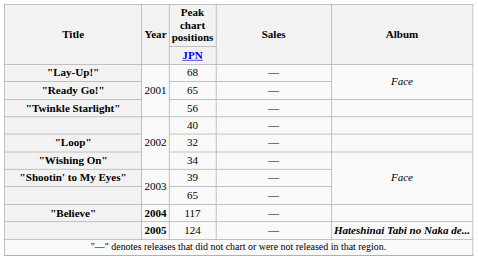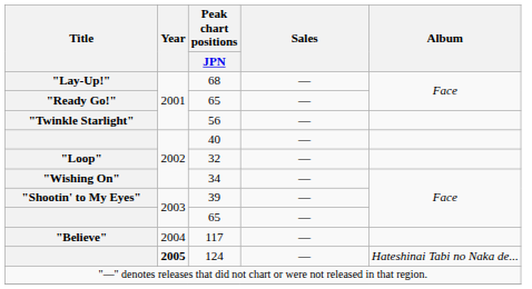 <table class="wikitable plainrowheaders" style="text-align:center;">
 <tr>
 <th rowspan="2" style="width:12em;">Title</th>
 <th rowspan="2">Year</th>
 <th colspan="1">Peak chart positions</th>
 <th rowspan="2" style="width:10em;">Sales</th>
 <th rowspan="2">Album</th>
 </tr>
 <tr>
 <th width="30"><a href='#'>JPN</a></th>
 </tr>
 <tr>
 <th scope="row">"Lay-Up!"</th>
 <td rowspan="3">2001</td>
 <td>68</td>
 <td>—</td>
 <td rowspan="2"><em>Face</em></td>
 </tr>
 <tr>
 <th scope="row">"Ready Go!"</th>
 <td>65</td>
 <td>—</td>
 </tr>
 <tr>
 <th scope="row">"Twinkle Starlight"</th>
 <td>56</td>
 <td>—</td>
 <td></td>
 </tr>
 <tr>
 <th scope="row"></th>
 <td rowspan="3">2002</td>
 <td>40</td>
 <td>—</td>
 <td></td>
 </tr>
 <tr>
 <th scope="row">"Loop"</th>
 <td>32</td>
 <td>—</td>
 <td></td>
 </tr>
 <tr>
 <th scope="row">"Wishing On"</th>
 <td>34</td>
 <td>—</td>
 <td rowspan="3"><em>Face</em></td>
 </tr>
 <tr>
 <th scope="row">"Shootin' to My Eyes"</th>
 <td rowspan="2">2003</td>
 <td>39</td>
 <td>—</td>
 </tr>
 <tr>
 <th scope="row"></th>
 <td>65</td>
 <td>—</td>
 </tr>
 <tr>
 <th scope="row">"Believe"</th>
-<td><strong>2004</strong></td>
+<td>2004</td>
 <td>117</td>
 <td>—</td>
 <td></td>
 </tr>
 <tr>
 <th scope="row"></th>
 <td><strong>2005</strong></td>
 <td>124</td>
 <td>—</td>
-<td><strong><em>Hateshinai Tabi no Naka de...</em></strong></td>
+<td><em>Hateshinai Tabi no Naka de...</em></td>
 </tr>
 <tr>
 <td colspan="5" style="font-size:90%;">"—" denotes releases that did not chart or were not released in that region.</td>
 </tr>
 <tr>
 </tr>
 </table>
